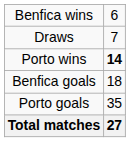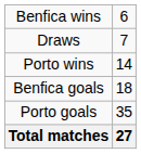 <table class="wikitable" style="text-align:center">
 <tr>
 <td>Benfica wins</td>
 <td>6</td>
 </tr>
 <tr>
 <td>Draws</td>
 <td>7</td>
 </tr>
 <tr>
 <td>Porto wins</td>
-<td><strong>14</strong></td>
+<td>14</td>
 </tr>
 <tr>
 <td>Benfica goals</td>
 <td>18</td>
 </tr>
 <tr>
 <td>Porto goals</td>
 <td>35</td>
 </tr>
 <tr>
 <th><strong>Total matches</strong></th>
 <th><strong>27</strong></th>
 </tr>
 </table>
